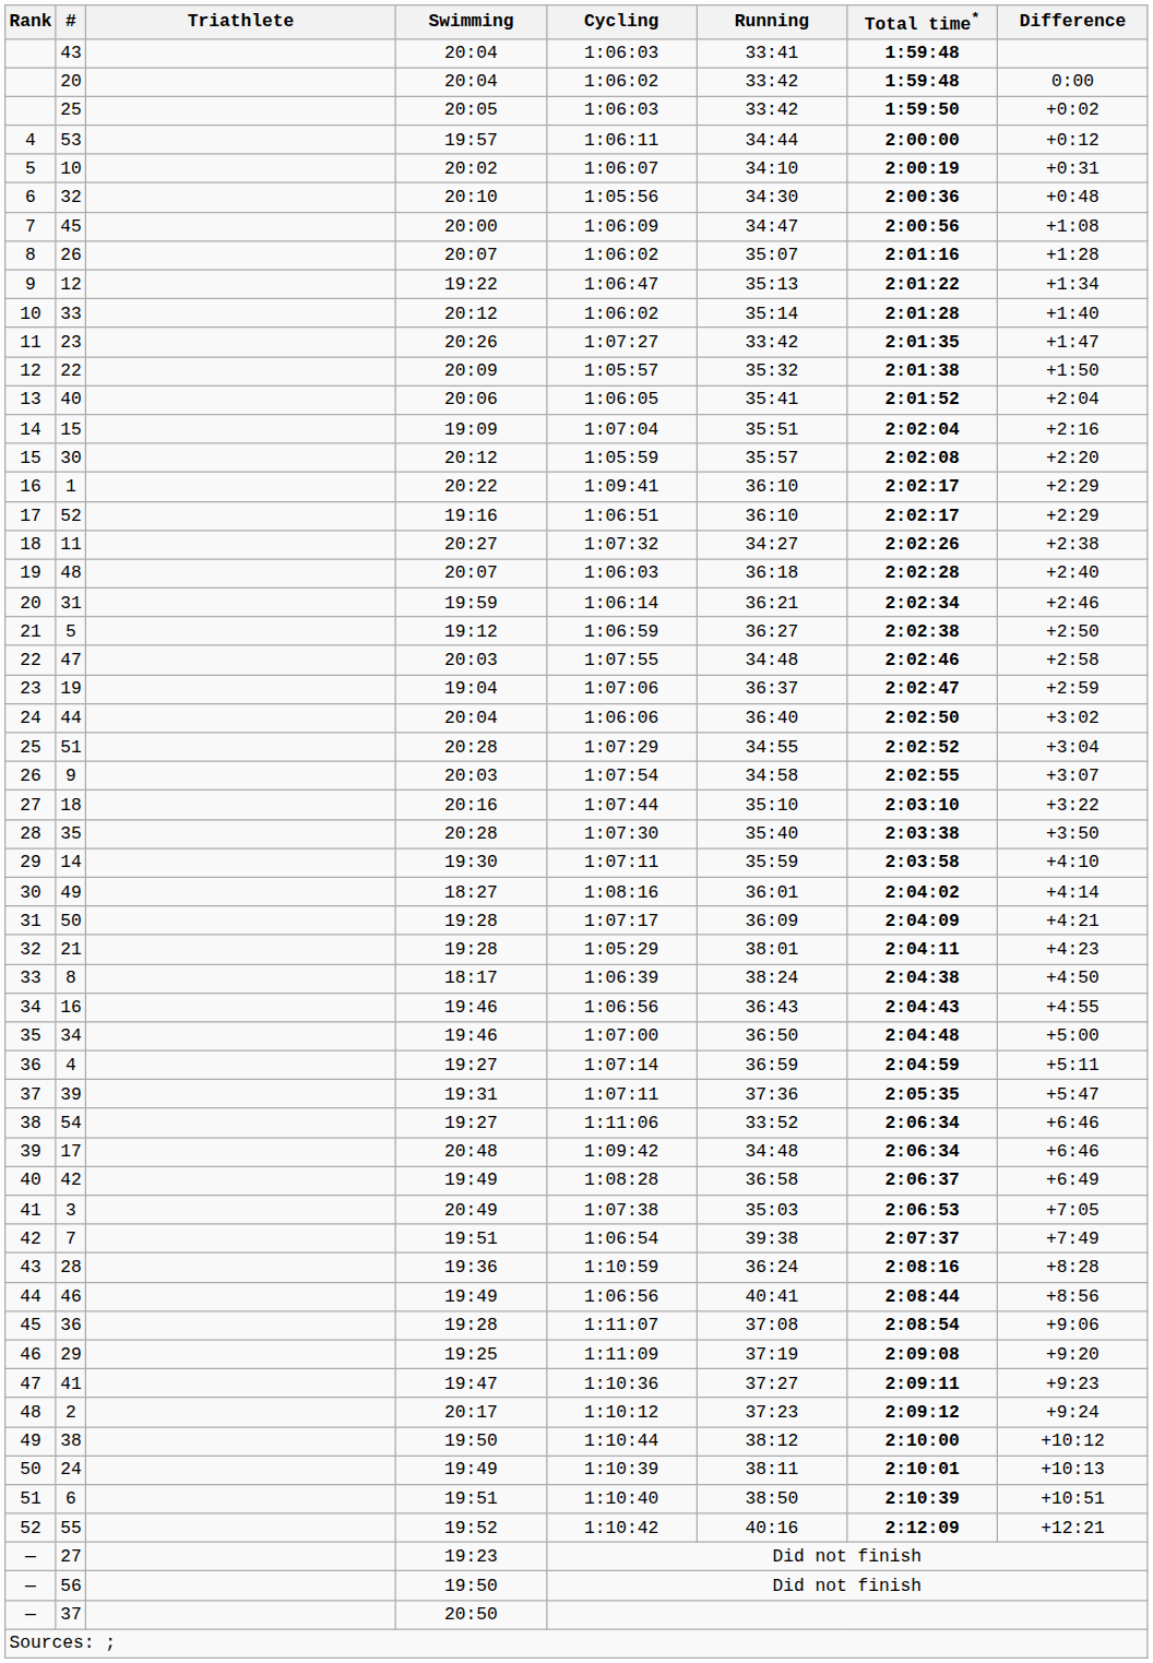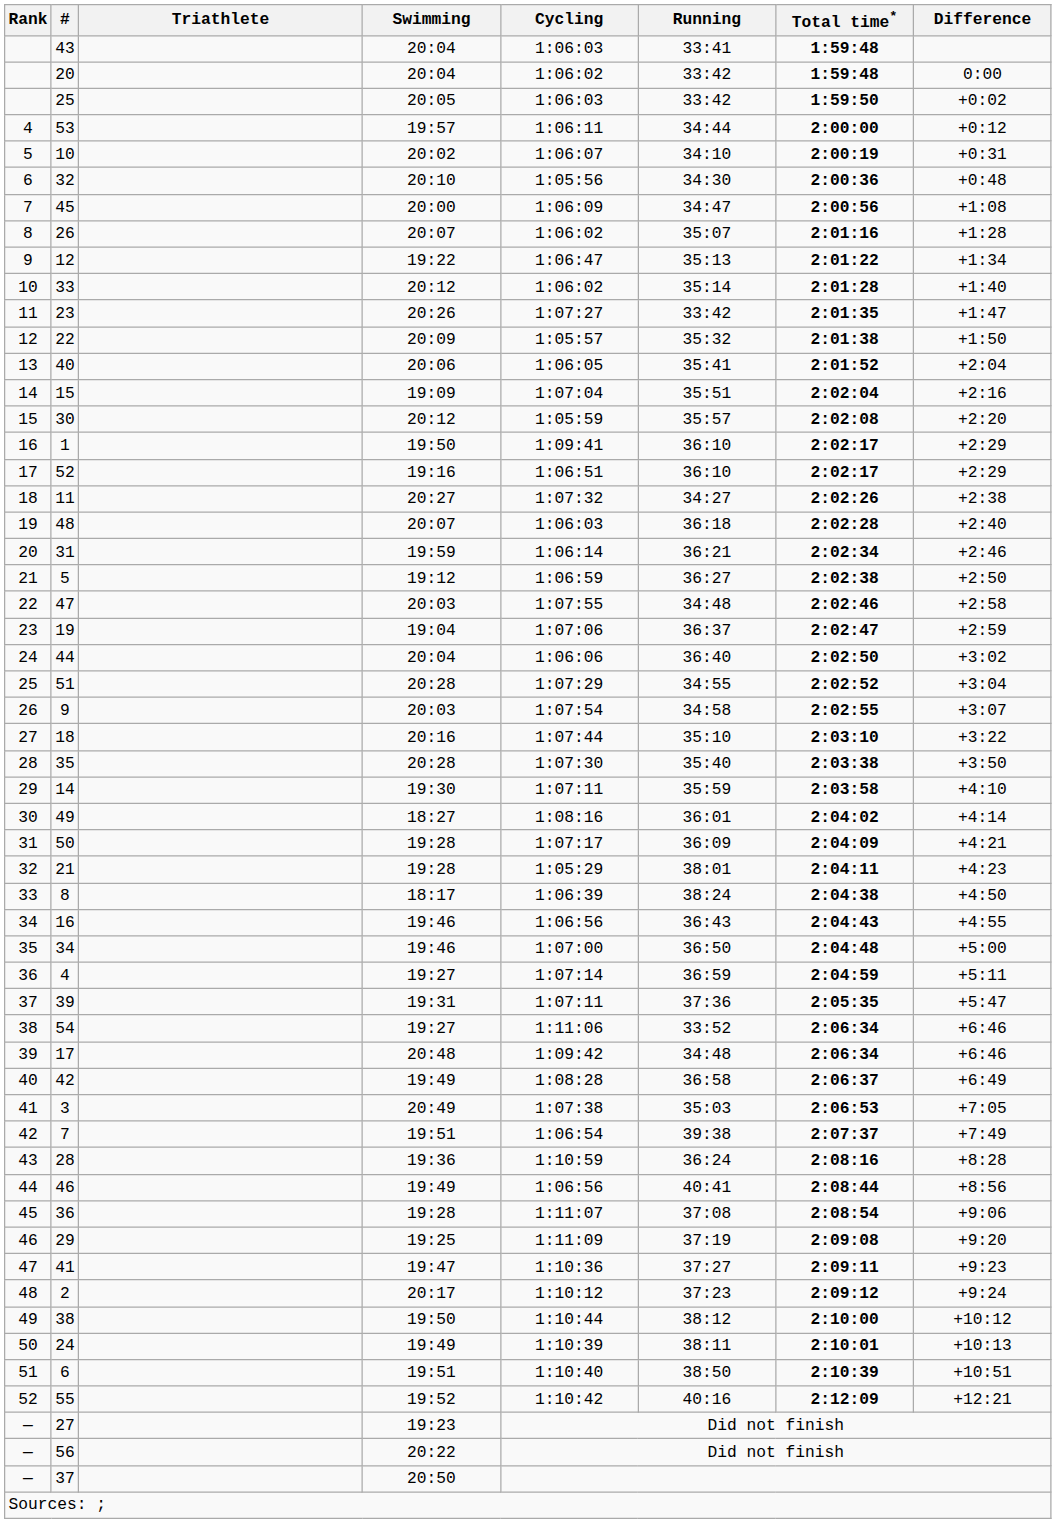 <table class="wikitable sortable" style="text-align:center">
 <tr>
 <th>Rank</th>
 <th>#</th>
 <th style="width:17em">Triathlete</th>
 <th style="width:8em">Swimming</th>
 <th style="width:8em">Cycling</th>
 <th style="width:8em">Running</th>
 <th style="width:8em">Total time<sup>*</sup></th>
 <th style="width:8em">Difference</th>
 </tr>
 <tr>
 <td></td>
 <td>43</td>
 <td align=left></td>
 <td>20:04</td>
 <td>1:06:03</td>
 <td>33:41</td>
 <td><strong>1:59:48</strong></td>
 <td></td>
 </tr>
 <tr>
 <td></td>
 <td>20</td>
 <td align=left></td>
 <td>20:04</td>
 <td>1:06:02</td>
 <td>33:42</td>
 <td><strong>1:59:48</strong></td>
 <td>0:00</td>
 </tr>
 <tr>
 <td></td>
 <td>25</td>
 <td align=left></td>
 <td>20:05</td>
 <td>1:06:03</td>
 <td>33:42</td>
 <td><strong>1:59:50</strong></td>
 <td>+0:02</td>
 </tr>
 <tr>
 <td>4</td>
 <td>53</td>
 <td align=left></td>
 <td>19:57</td>
 <td>1:06:11</td>
 <td>34:44</td>
 <td><strong>2:00:00</strong></td>
 <td>+0:12</td>
 </tr>
 <tr>
 <td>5</td>
 <td>10</td>
 <td align=left></td>
 <td>20:02</td>
 <td>1:06:07</td>
 <td>34:10</td>
 <td><strong>2:00:19</strong></td>
 <td>+0:31</td>
 </tr>
 <tr>
 <td>6</td>
 <td>32</td>
 <td align=left></td>
 <td>20:10</td>
 <td>1:05:56</td>
 <td>34:30</td>
 <td><strong>2:00:36</strong></td>
 <td>+0:48</td>
 </tr>
 <tr>
 <td>7</td>
 <td>45</td>
 <td align=left></td>
 <td>20:00</td>
 <td>1:06:09</td>
 <td>34:47</td>
 <td><strong>2:00:56</strong></td>
 <td>+1:08</td>
 </tr>
 <tr>
 <td>8</td>
 <td>26</td>
 <td align=left></td>
 <td>20:07</td>
 <td>1:06:02</td>
 <td>35:07</td>
 <td><strong>2:01:16</strong></td>
 <td>+1:28</td>
 </tr>
 <tr>
 <td>9</td>
 <td>12</td>
 <td align=left></td>
 <td>19:22</td>
 <td>1:06:47</td>
 <td>35:13</td>
 <td><strong>2:01:22</strong></td>
 <td>+1:34</td>
 </tr>
 <tr>
 <td>10</td>
 <td>33</td>
 <td align=left></td>
 <td>20:12</td>
 <td>1:06:02</td>
 <td>35:14</td>
 <td><strong>2:01:28</strong></td>
 <td>+1:40</td>
 </tr>
 <tr>
 <td>11</td>
 <td>23</td>
 <td align=left></td>
 <td>20:26</td>
 <td>1:07:27</td>
 <td>33:42</td>
 <td><strong>2:01:35</strong></td>
 <td>+1:47</td>
 </tr>
 <tr>
 <td>12</td>
 <td>22</td>
 <td align=left></td>
 <td>20:09</td>
 <td>1:05:57</td>
 <td>35:32</td>
 <td><strong>2:01:38</strong></td>
 <td>+1:50</td>
 </tr>
 <tr>
 <td>13</td>
 <td>40</td>
 <td align=left></td>
 <td>20:06</td>
 <td>1:06:05</td>
 <td>35:41</td>
 <td><strong>2:01:52</strong></td>
 <td>+2:04</td>
 </tr>
 <tr>
 <td>14</td>
 <td>15</td>
 <td align=left></td>
 <td>19:09</td>
 <td>1:07:04</td>
 <td>35:51</td>
 <td><strong>2:02:04</strong></td>
 <td>+2:16</td>
 </tr>
 <tr>
 <td>15</td>
 <td>30</td>
 <td align=left></td>
 <td>20:12</td>
 <td>1:05:59</td>
 <td>35:57</td>
 <td><strong>2:02:08</strong></td>
 <td>+2:20</td>
 </tr>
 <tr>
 <td>16</td>
 <td>1</td>
 <td align=left></td>
-<td>20:22</td>
+<td>19:50</td>
 <td>1:09:41</td>
 <td>36:10</td>
 <td><strong>2:02:17</strong></td>
 <td>+2:29</td>
 </tr>
 <tr>
 <td>17</td>
 <td>52</td>
 <td align=left></td>
 <td>19:16</td>
 <td>1:06:51</td>
 <td>36:10</td>
 <td><strong>2:02:17</strong></td>
 <td>+2:29</td>
 </tr>
 <tr>
 <td>18</td>
 <td>11</td>
 <td align=left></td>
 <td>20:27</td>
 <td>1:07:32</td>
 <td>34:27</td>
 <td><strong>2:02:26</strong></td>
 <td>+2:38</td>
 </tr>
 <tr>
 <td>19</td>
 <td>48</td>
 <td align=left></td>
 <td>20:07</td>
 <td>1:06:03</td>
 <td>36:18</td>
 <td><strong>2:02:28</strong></td>
 <td>+2:40</td>
 </tr>
 <tr>
 <td>20</td>
 <td>31</td>
 <td align=left></td>
 <td>19:59</td>
 <td>1:06:14</td>
 <td>36:21</td>
 <td><strong>2:02:34</strong></td>
 <td>+2:46</td>
 </tr>
 <tr>
 <td>21</td>
 <td>5</td>
 <td align=left></td>
 <td>19:12</td>
 <td>1:06:59</td>
 <td>36:27</td>
 <td><strong>2:02:38</strong></td>
 <td>+2:50</td>
 </tr>
 <tr>
 <td>22</td>
 <td>47</td>
 <td align=left></td>
 <td>20:03</td>
 <td>1:07:55</td>
 <td>34:48</td>
 <td><strong>2:02:46</strong></td>
 <td>+2:58</td>
 </tr>
 <tr>
 <td>23</td>
 <td>19</td>
 <td align=left></td>
 <td>19:04</td>
 <td>1:07:06</td>
 <td>36:37</td>
 <td><strong>2:02:47</strong></td>
 <td>+2:59</td>
 </tr>
 <tr>
 <td>24</td>
 <td>44</td>
 <td align=left></td>
 <td>20:04</td>
 <td>1:06:06</td>
 <td>36:40</td>
 <td><strong>2:02:50</strong></td>
 <td>+3:02</td>
 </tr>
 <tr>
 <td>25</td>
 <td>51</td>
 <td align=left></td>
 <td>20:28</td>
 <td>1:07:29</td>
 <td>34:55</td>
 <td><strong>2:02:52</strong></td>
 <td>+3:04</td>
 </tr>
 <tr>
 <td>26</td>
 <td>9</td>
 <td align=left></td>
 <td>20:03</td>
 <td>1:07:54</td>
 <td>34:58</td>
 <td><strong>2:02:55</strong></td>
 <td>+3:07</td>
 </tr>
 <tr>
 <td>27</td>
 <td>18</td>
 <td align=left></td>
 <td>20:16</td>
 <td>1:07:44</td>
 <td>35:10</td>
 <td><strong>2:03:10</strong></td>
 <td>+3:22</td>
 </tr>
 <tr>
 <td>28</td>
 <td>35</td>
 <td align=left></td>
 <td>20:28</td>
 <td>1:07:30</td>
 <td>35:40</td>
 <td><strong>2:03:38</strong></td>
 <td>+3:50</td>
 </tr>
 <tr>
 <td>29</td>
 <td>14</td>
 <td align=left></td>
 <td>19:30</td>
 <td>1:07:11</td>
 <td>35:59</td>
 <td><strong>2:03:58</strong></td>
 <td>+4:10</td>
 </tr>
 <tr>
 <td>30</td>
 <td>49</td>
 <td align=left></td>
 <td>18:27</td>
 <td>1:08:16</td>
 <td>36:01</td>
 <td><strong>2:04:02</strong></td>
 <td>+4:14</td>
 </tr>
 <tr>
 <td>31</td>
 <td>50</td>
 <td align=left></td>
 <td>19:28</td>
 <td>1:07:17</td>
 <td>36:09</td>
 <td><strong>2:04:09</strong></td>
 <td>+4:21</td>
 </tr>
 <tr>
 <td>32</td>
 <td>21</td>
 <td align=left></td>
 <td>19:28</td>
 <td>1:05:29</td>
 <td>38:01</td>
 <td><strong>2:04:11</strong></td>
 <td>+4:23</td>
 </tr>
 <tr>
 <td>33</td>
 <td>8</td>
 <td align=left></td>
 <td>18:17</td>
 <td>1:06:39</td>
 <td>38:24</td>
 <td><strong>2:04:38</strong></td>
 <td>+4:50</td>
 </tr>
 <tr>
 <td>34</td>
 <td>16</td>
 <td align=left></td>
 <td>19:46</td>
 <td>1:06:56</td>
 <td>36:43</td>
 <td><strong>2:04:43</strong></td>
 <td>+4:55</td>
 </tr>
 <tr>
 <td>35</td>
 <td>34</td>
 <td align=left></td>
 <td>19:46</td>
 <td>1:07:00</td>
 <td>36:50</td>
 <td><strong>2:04:48</strong></td>
 <td>+5:00</td>
 </tr>
 <tr>
 <td>36</td>
 <td>4</td>
 <td align=left></td>
 <td>19:27</td>
 <td>1:07:14</td>
 <td>36:59</td>
 <td><strong>2:04:59</strong></td>
 <td>+5:11</td>
 </tr>
 <tr>
 <td>37</td>
 <td>39</td>
 <td align=left></td>
 <td>19:31</td>
 <td>1:07:11</td>
 <td>37:36</td>
 <td><strong>2:05:35</strong></td>
 <td>+5:47</td>
 </tr>
 <tr>
 <td>38</td>
 <td>54</td>
 <td align=left></td>
 <td>19:27</td>
 <td>1:11:06</td>
 <td>33:52</td>
 <td><strong>2:06:34</strong></td>
 <td>+6:46</td>
 </tr>
 <tr>
 <td>39</td>
 <td>17</td>
 <td align=left></td>
 <td>20:48</td>
 <td>1:09:42</td>
 <td>34:48</td>
 <td><strong>2:06:34</strong></td>
 <td>+6:46</td>
 </tr>
 <tr>
 <td>40</td>
 <td>42</td>
 <td align=left></td>
 <td>19:49</td>
 <td>1:08:28</td>
 <td>36:58</td>
 <td><strong>2:06:37</strong></td>
 <td>+6:49</td>
 </tr>
 <tr>
 <td>41</td>
 <td>3</td>
 <td align=left></td>
 <td>20:49</td>
 <td>1:07:38</td>
 <td>35:03</td>
 <td><strong>2:06:53</strong></td>
 <td>+7:05</td>
 </tr>
 <tr>
 <td>42</td>
 <td>7</td>
 <td align=left></td>
 <td>19:51</td>
 <td>1:06:54</td>
 <td>39:38</td>
 <td><strong>2:07:37</strong></td>
 <td>+7:49</td>
 </tr>
 <tr>
 <td>43</td>
 <td>28</td>
 <td align=left></td>
 <td>19:36</td>
 <td>1:10:59</td>
 <td>36:24</td>
 <td><strong>2:08:16</strong></td>
 <td>+8:28</td>
 </tr>
 <tr>
 <td>44</td>
 <td>46</td>
 <td align=left></td>
 <td>19:49</td>
 <td>1:06:56</td>
 <td>40:41</td>
 <td><strong>2:08:44</strong></td>
 <td>+8:56</td>
 </tr>
 <tr>
 <td>45</td>
 <td>36</td>
 <td align=left></td>
 <td>19:28</td>
 <td>1:11:07</td>
 <td>37:08</td>
 <td><strong>2:08:54</strong></td>
 <td>+9:06</td>
 </tr>
 <tr>
 <td>46</td>
 <td>29</td>
 <td align=left></td>
 <td>19:25</td>
 <td>1:11:09</td>
 <td>37:19</td>
 <td><strong>2:09:08</strong></td>
 <td>+9:20</td>
 </tr>
 <tr>
 <td>47</td>
 <td>41</td>
 <td align=left></td>
 <td>19:47</td>
 <td>1:10:36</td>
 <td>37:27</td>
 <td><strong>2:09:11</strong></td>
 <td>+9:23</td>
 </tr>
 <tr>
 <td>48</td>
 <td>2</td>
 <td align=left></td>
 <td>20:17</td>
 <td>1:10:12</td>
 <td>37:23</td>
 <td><strong>2:09:12</strong></td>
 <td>+9:24</td>
 </tr>
 <tr>
 <td>49</td>
 <td>38</td>
 <td align=left></td>
 <td>19:50</td>
 <td>1:10:44</td>
 <td>38:12</td>
 <td><strong>2:10:00</strong></td>
 <td>+10:12</td>
 </tr>
 <tr>
 <td>50</td>
 <td>24</td>
 <td align=left></td>
 <td>19:49</td>
 <td>1:10:39</td>
 <td>38:11</td>
 <td><strong>2:10:01</strong></td>
 <td>+10:13</td>
 </tr>
 <tr>
 <td>51</td>
 <td>6</td>
 <td align=left></td>
 <td>19:51</td>
 <td>1:10:40</td>
 <td>38:50</td>
 <td><strong>2:10:39</strong></td>
 <td>+10:51</td>
 </tr>
 <tr>
 <td>52</td>
 <td>55</td>
 <td align=left></td>
 <td>19:52</td>
 <td>1:10:42</td>
 <td>40:16</td>
 <td><strong>2:12:09</strong></td>
 <td>+12:21</td>
 </tr>
 <tr>
 <td>—</td>
 <td>27</td>
 <td align=left></td>
 <td>19:23</td>
 <td colspan=4>Did not finish</td>
 </tr>
 <tr>
 <td>—</td>
 <td>56</td>
 <td align=left></td>
-<td>19:50</td>
+<td>20:22</td>
 <td colspan=4>Did not finish</td>
 </tr>
 <tr>
 <td>—</td>
 <td>37</td>
 <td align=left></td>
 <td>20:50</td>
 <td colspan=4></td>
 </tr>
 <tr class="sortbottom">
 <td colspan="9" style="text-align:left;">Sources: ; </td>
 </tr>
 </table>
